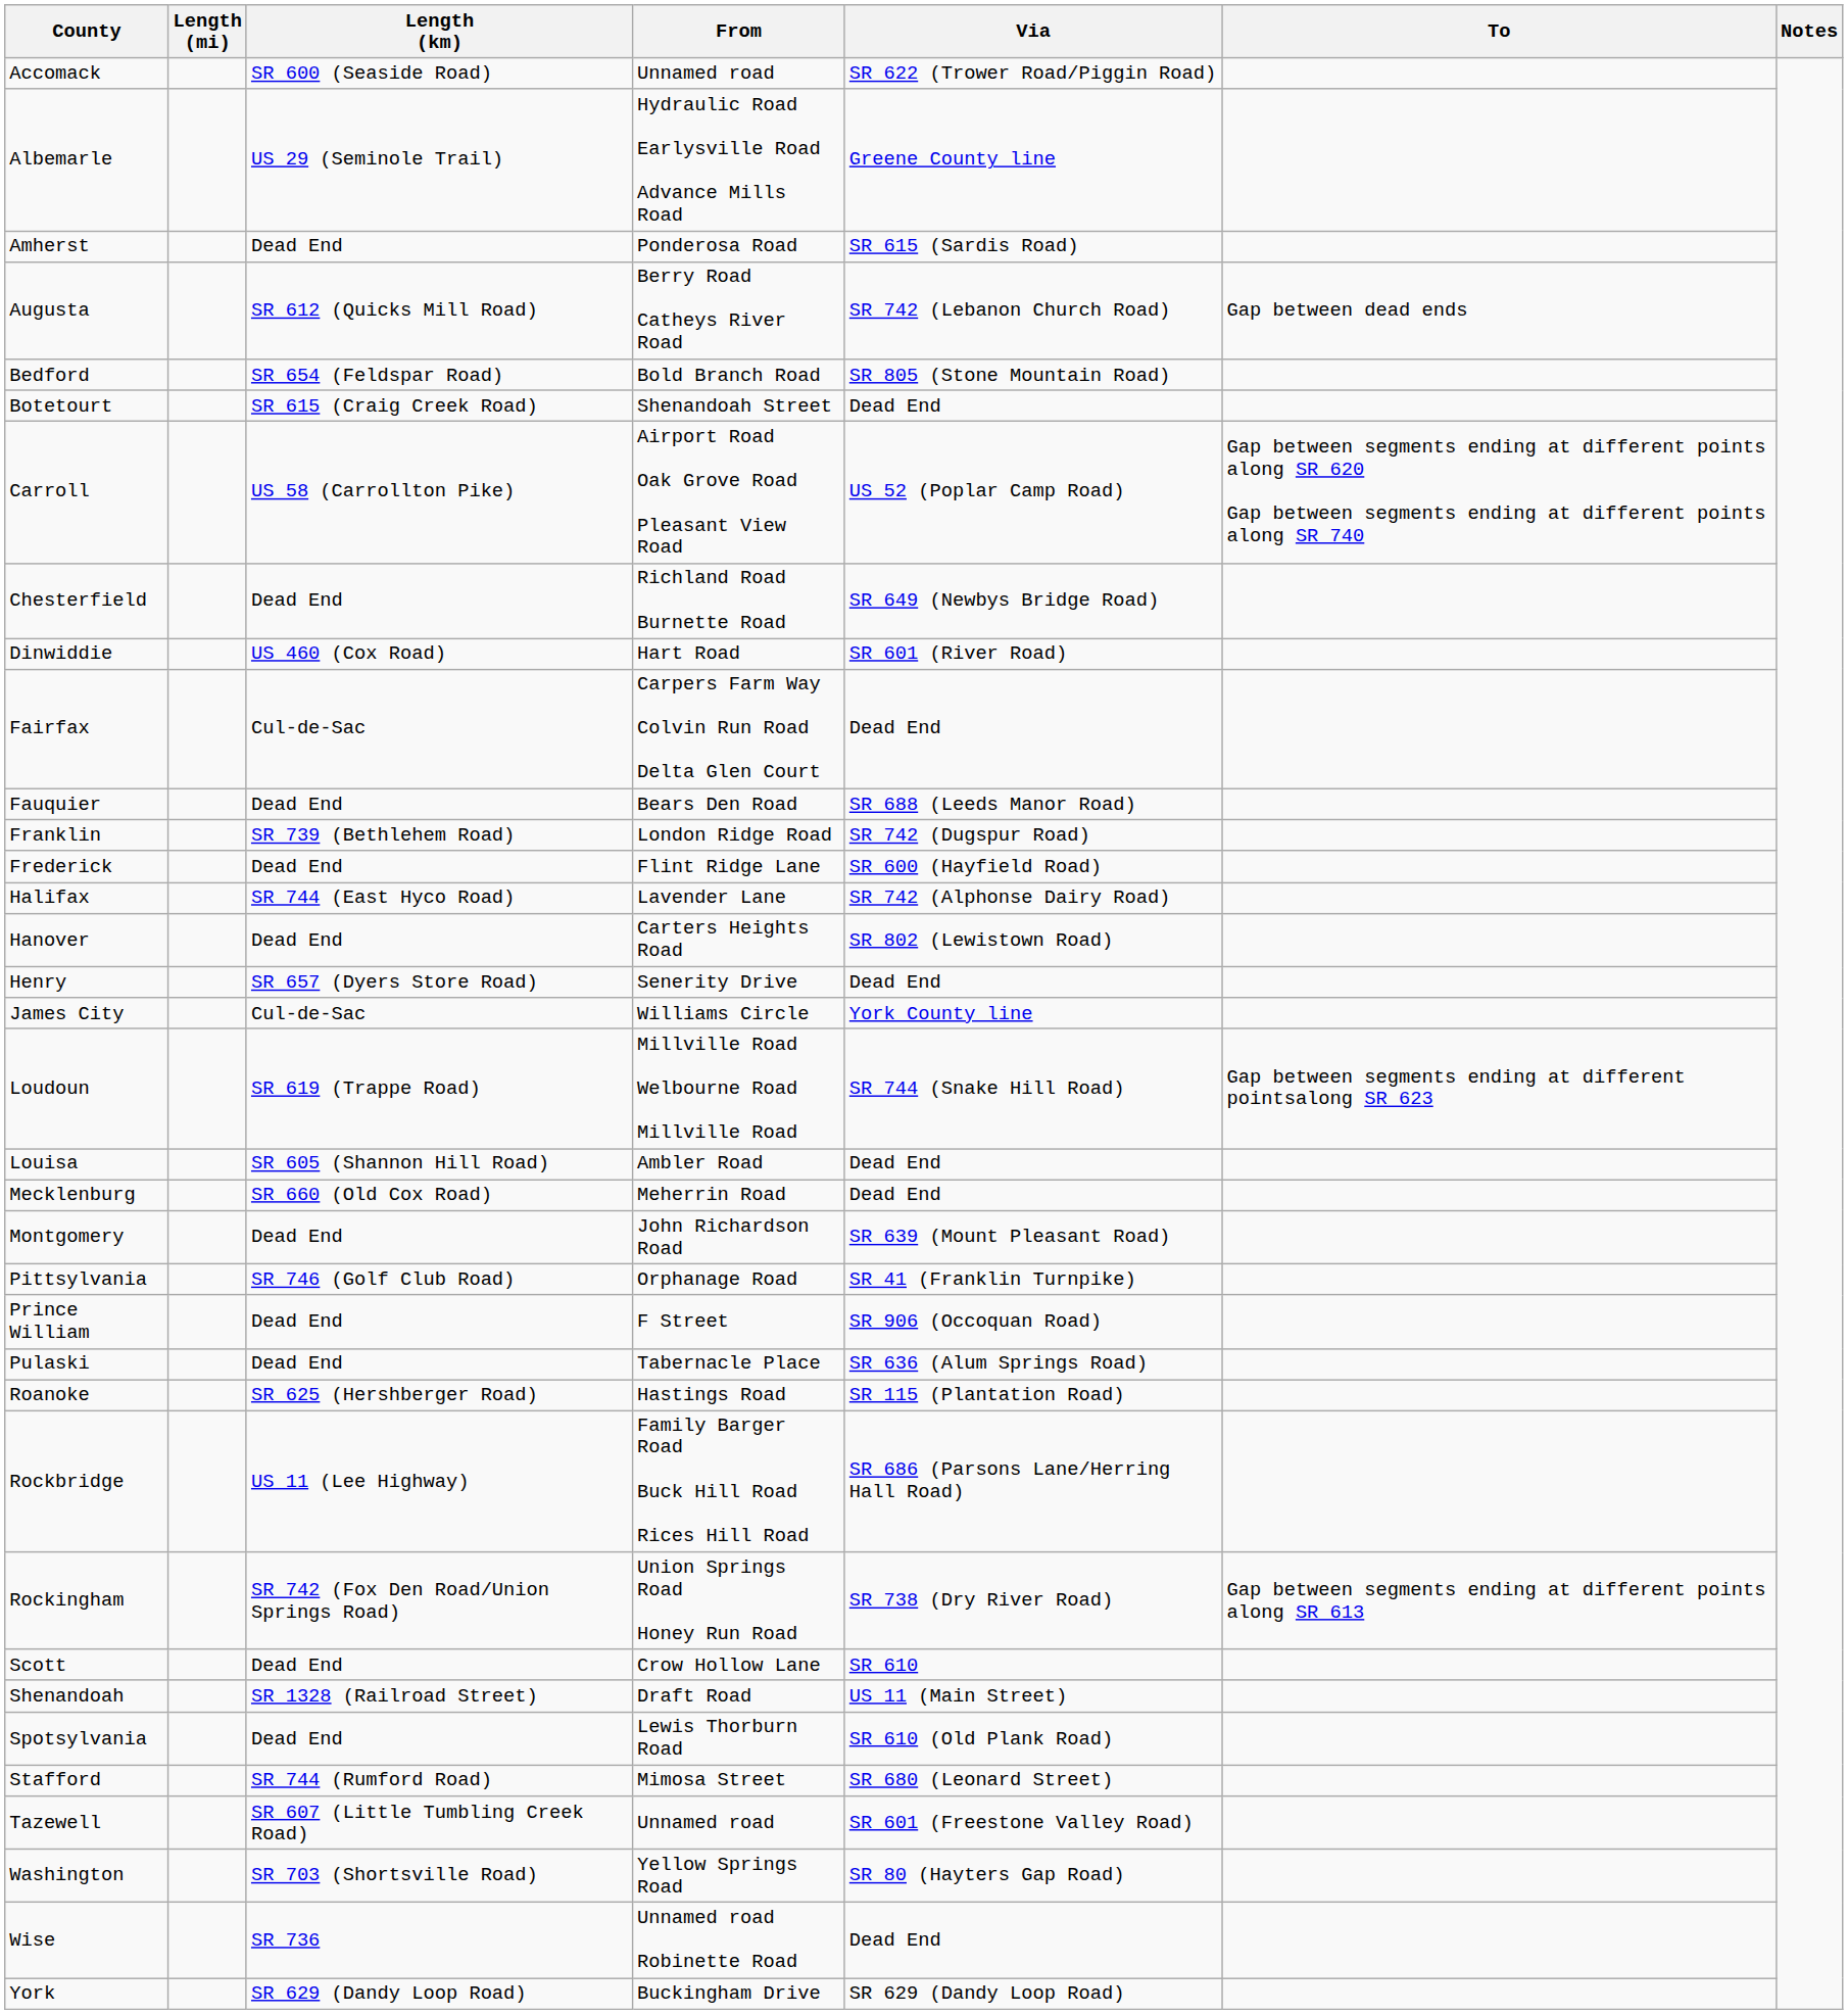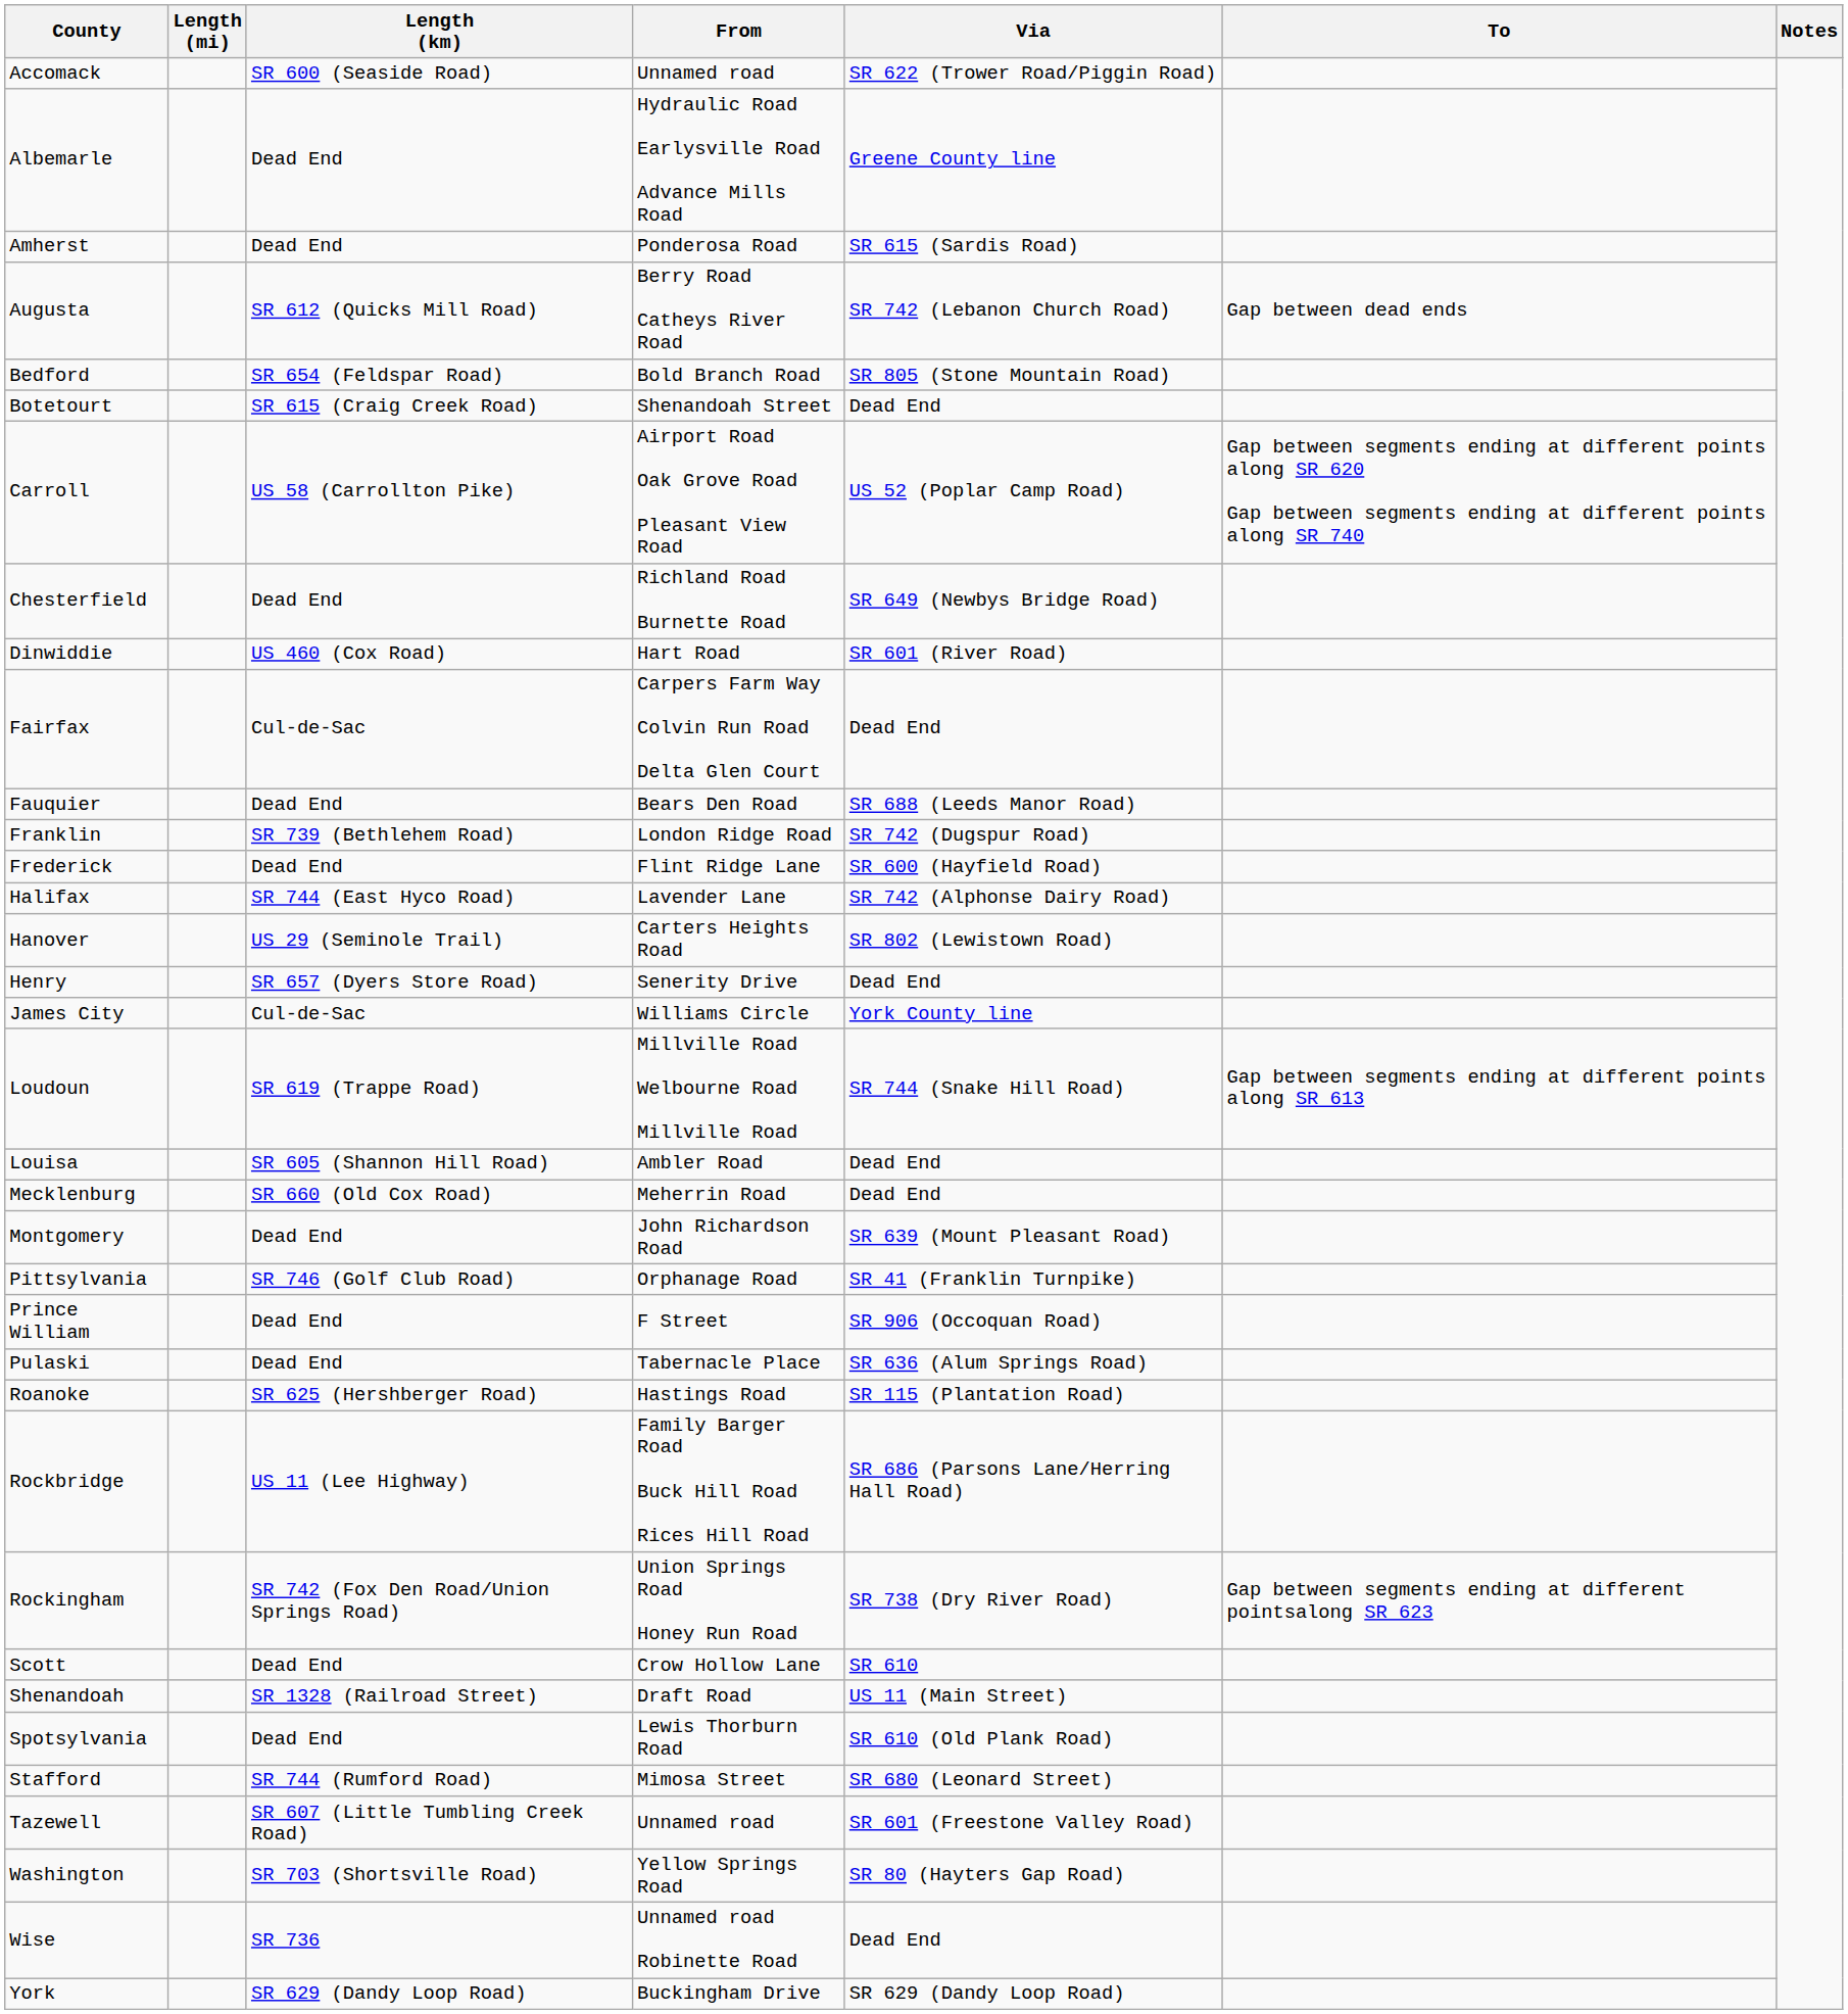 <table class="wikitable sortable">
 <tr>
 <th>County</th>
 <th>Length<br>(mi)</th>
 <th>Length<br>(km)</th>
 <th class="unsortable">From</th>
 <th class="unsortable">Via</th>
 <th class="unsortable">To</th>
 <th class="unsortable">Notes</th>
 </tr>
 <tr>
 <td id="Accomack">Accomack</td>
 <td></td>
 <td><a href='#'>SR 600</a> (Seaside Road)</td>
 <td>Unnamed road</td>
 <td><a href='#'>SR 622</a> (Trower Road/Piggin Road)</td>
 <td></td>
 </tr>
 <tr>
 <td id="Albemarle">Albemarle</td>
 <td></td>
-<td><a href='#'>US 29</a> (Seminole Trail)</td>
+<td>Dead End</td>
 <td>Hydraulic Road<br><br>Earlysville Road<br><br>Advance Mills Road</td>
 <td><a href='#'>Greene County line</a></td>
 <td><br> </td>
 </tr>
 <tr>
 <td id="Amherst">Amherst</td>
 <td></td>
 <td>Dead End</td>
 <td>Ponderosa Road</td>
 <td><a href='#'>SR 615</a> (Sardis Road)</td>
 <td><br> </td>
 </tr>
 <tr>
 <td id="Augusta">Augusta</td>
 <td></td>
 <td><a href='#'>SR 612</a> (Quicks Mill Road)</td>
 <td>Berry Road<br><br>Catheys River Road</td>
 <td><a href='#'>SR 742</a> (Lebanon Church Road)</td>
 <td>Gap between dead ends<br></td>
 </tr>
 <tr>
 <td id="Bedford">Bedford</td>
 <td></td>
 <td><a href='#'>SR 654</a> (Feldspar Road)</td>
 <td>Bold Branch Road</td>
 <td><a href='#'>SR 805</a> (Stone Mountain Road)</td>
 <td><br></td>
 </tr>
 <tr>
 <td id="Botetourt">Botetourt</td>
 <td></td>
 <td><a href='#'>SR 615</a> (Craig Creek Road)</td>
 <td>Shenandoah Street</td>
 <td>Dead End</td>
 <td><br>    </td>
 </tr>
 <tr>
 <td id="Carroll">Carroll</td>
 <td></td>
 <td><a href='#'>US 58</a> (Carrollton Pike)</td>
 <td>Airport Road<br><br>Oak Grove Road<br><br>Pleasant View Road</td>
 <td><a href='#'>US 52</a> (Poplar Camp Road)</td>
 <td>Gap between segments ending at different points along <a href='#'>SR 620</a><br><br>Gap between segments ending at different points along <a href='#'>SR 740</a><br> </td>
 </tr>
 <tr>
 <td id="Chesterfield">Chesterfield</td>
 <td></td>
 <td>Dead End</td>
 <td>Richland Road<br><br>Burnette Road</td>
 <td><a href='#'>SR 649</a> (Newbys Bridge Road)</td>
 <td><br>    </td>
 </tr>
 <tr>
 <td id="Dinwiddie">Dinwiddie</td>
 <td></td>
 <td><a href='#'>US 460</a> (Cox Road)</td>
 <td>Hart Road</td>
 <td><a href='#'>SR 601</a> (River Road)</td>
 <td><br></td>
 </tr>
 <tr>
 <td id="Fairfax">Fairfax</td>
 <td></td>
 <td>Cul-de-Sac</td>
 <td>Carpers Farm Way<br><br>Colvin Run Road<br><br>Delta Glen Court</td>
 <td>Dead End</td>
 <td></td>
 </tr>
 <tr>
 <td id="Fauquier">Fauquier</td>
 <td></td>
 <td>Dead End</td>
 <td>Bears Den Road</td>
 <td><a href='#'>SR 688</a> (Leeds Manor Road)</td>
 <td><br> </td>
 </tr>
 <tr>
 <td id="Franklin">Franklin</td>
 <td></td>
 <td><a href='#'>SR 739</a> (Bethlehem Road)</td>
 <td>London Ridge Road</td>
 <td><a href='#'>SR 742</a> (Dugspur Road)</td>
 <td></td>
 </tr>
 <tr>
 <td id="Frederick">Frederick</td>
 <td></td>
 <td>Dead End</td>
 <td>Flint Ridge Lane</td>
 <td><a href='#'>SR 600</a> (Hayfield Road)</td>
 <td><br>     </td>
 </tr>
 <tr>
 <td id="Halifax">Halifax</td>
 <td></td>
 <td><a href='#'>SR 744</a> (East Hyco Road)</td>
 <td>Lavender Lane</td>
 <td><a href='#'>SR 742</a> (Alphonse Dairy Road)</td>
 <td></td>
 </tr>
 <tr>
 <td id="Hanover">Hanover</td>
 <td></td>
-<td>Dead End</td>
+<td><a href='#'>US 29</a> (Seminole Trail)</td>
 <td>Carters Heights Road</td>
 <td><a href='#'>SR 802</a> (Lewistown Road)</td>
 <td><br></td>
 </tr>
 <tr>
 <td id="Henry">Henry</td>
 <td></td>
 <td><a href='#'>SR 657</a> (Dyers Store Road)</td>
 <td>Senerity Drive</td>
 <td>Dead End</td>
 <td><br> </td>
 </tr>
 <tr>
 <td id="James City">James City</td>
 <td></td>
 <td>Cul-de-Sac</td>
 <td>Williams Circle</td>
 <td><a href='#'>York County line</a></td>
 <td><br>    </td>
 </tr>
 <tr>
 <td id="Loudoun">Loudoun</td>
 <td></td>
 <td><a href='#'>SR 619</a> (Trappe Road)</td>
 <td>Millville Road<br><br>Welbourne Road<br><br>Millville Road</td>
 <td><a href='#'>SR 744</a> (Snake Hill Road)</td>
-<td>Gap between segments ending at different pointsalong <a href='#'>SR 623</a></td>
+<td>Gap between segments ending at different points along <a href='#'>SR 613</a><br></td>
 </tr>
 <tr>
 <td id="Louisa">Louisa</td>
 <td></td>
 <td><a href='#'>SR 605</a> (Shannon Hill Road)</td>
 <td>Ambler Road</td>
 <td>Dead End</td>
 <td><br>  </td>
 </tr>
 <tr>
 <td id="Mecklenburg">Mecklenburg</td>
 <td></td>
 <td><a href='#'>SR 660</a> (Old Cox Road)</td>
 <td>Meherrin Road</td>
 <td>Dead End</td>
 <td><br></td>
 </tr>
 <tr>
 <td id="Montgomery">Montgomery</td>
 <td></td>
 <td>Dead End</td>
 <td>John Richardson Road</td>
 <td><a href='#'>SR 639</a> (Mount Pleasant Road)</td>
 <td><br>       </td>
 </tr>
 <tr>
 <td id="Pittsylvania">Pittsylvania</td>
 <td></td>
 <td><a href='#'>SR 746</a> (Golf Club Road)</td>
 <td>Orphanage Road</td>
 <td><a href='#'>SR 41</a> (Franklin Turnpike)</td>
 <td><br>  </td>
 </tr>
 <tr>
 <td id="Prince William">Prince William</td>
 <td></td>
 <td>Dead End</td>
 <td>F Street</td>
 <td><a href='#'>SR 906</a> (Occoquan Road)</td>
 <td></td>
 </tr>
 <tr>
 <td id="Pulaski">Pulaski</td>
 <td></td>
 <td>Dead End</td>
 <td>Tabernacle Place</td>
 <td><a href='#'>SR 636</a> (Alum Springs Road)</td>
 <td><br> </td>
 </tr>
 <tr>
 <td id="Roanoke">Roanoke</td>
 <td></td>
 <td><a href='#'>SR 625</a> (Hershberger Road)</td>
 <td>Hastings Road</td>
 <td><a href='#'>SR 115</a> (Plantation Road)</td>
 <td></td>
 </tr>
 <tr>
 <td id="Rockbridge">Rockbridge</td>
 <td></td>
 <td><a href='#'>US 11</a> (Lee Highway)</td>
 <td>Family Barger Road<br><br>Buck Hill Road<br><br>Rices Hill Road</td>
 <td><a href='#'>SR 686</a> (Parsons Lane/Herring Hall Road)</td>
 <td></td>
 </tr>
 <tr>
 <td id="Rockingham">Rockingham</td>
 <td></td>
 <td><a href='#'>SR 742</a> (Fox Den Road/Union Springs Road)</td>
 <td>Union Springs Road<br><br>Honey Run Road</td>
 <td><a href='#'>SR 738</a> (Dry River Road)</td>
-<td>Gap between segments ending at different points along <a href='#'>SR 613</a><br></td>
+<td>Gap between segments ending at different pointsalong <a href='#'>SR 623</a></td>
 </tr>
 <tr>
 <td id="Scott">Scott</td>
 <td></td>
 <td>Dead End</td>
 <td>Crow Hollow Lane</td>
 <td><a href='#'>SR 610</a></td>
 <td></td>
 </tr>
 <tr>
 <td id="Shenandoah">Shenandoah</td>
 <td></td>
 <td><a href='#'>SR 1328</a> (Railroad Street)</td>
 <td>Draft Road</td>
 <td><a href='#'>US 11</a> (Main Street)</td>
 <td><br> </td>
 </tr>
 <tr>
 <td id="Spotsylvania">Spotsylvania</td>
 <td></td>
 <td>Dead End</td>
 <td>Lewis Thorburn Road</td>
 <td><a href='#'>SR 610</a> (Old Plank Road)</td>
 <td></td>
 </tr>
 <tr>
 <td id="Stafford">Stafford</td>
 <td></td>
 <td><a href='#'>SR 744</a> (Rumford Road)</td>
 <td>Mimosa Street</td>
 <td><a href='#'>SR 680</a> (Leonard Street)</td>
 <td><br> </td>
 </tr>
 <tr>
 <td id="Tazewell">Tazewell</td>
 <td></td>
 <td><a href='#'>SR 607</a> (Little Tumbling Creek Road)</td>
 <td>Unnamed road</td>
 <td><a href='#'>SR 601</a> (Freestone Valley Road)</td>
 <td><br></td>
 </tr>
 <tr>
 <td id="Washington">Washington</td>
 <td></td>
 <td><a href='#'>SR 703</a> (Shortsville Road)</td>
 <td>Yellow Springs Road</td>
 <td><a href='#'>SR 80</a> (Hayters Gap Road)</td>
 <td><br></td>
 </tr>
 <tr>
 <td id="Wise">Wise</td>
 <td></td>
 <td><a href='#'>SR 736</a></td>
 <td>Unnamed road<br><br>Robinette Road</td>
 <td>Dead End</td>
 <td><br></td>
 </tr>
 <tr>
 <td id="York">York</td>
 <td></td>
 <td><a href='#'>SR 629</a> (Dandy Loop Road)</td>
 <td>Buckingham Drive</td>
 <td>SR 629 (Dandy Loop Road)</td>
 <td></td>
 </tr>
 </table>
